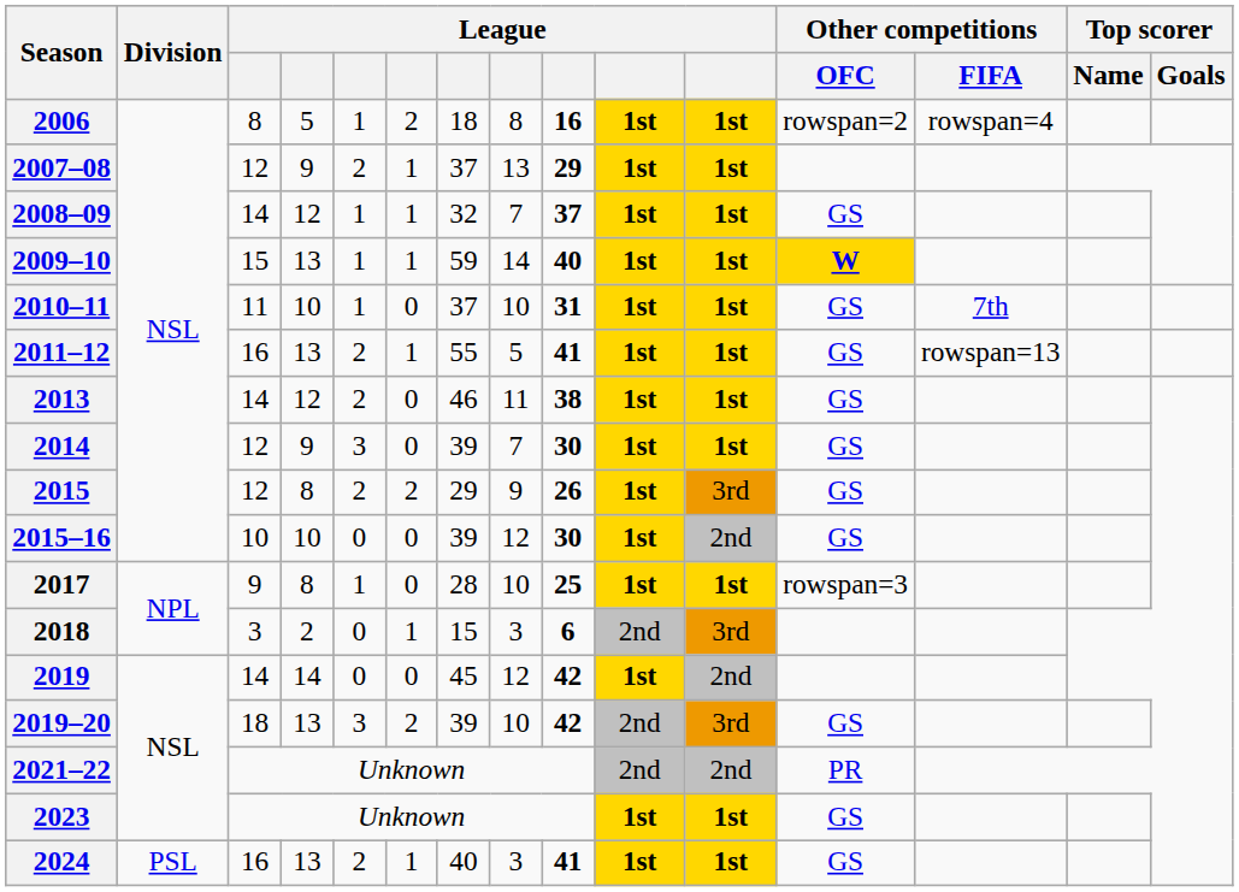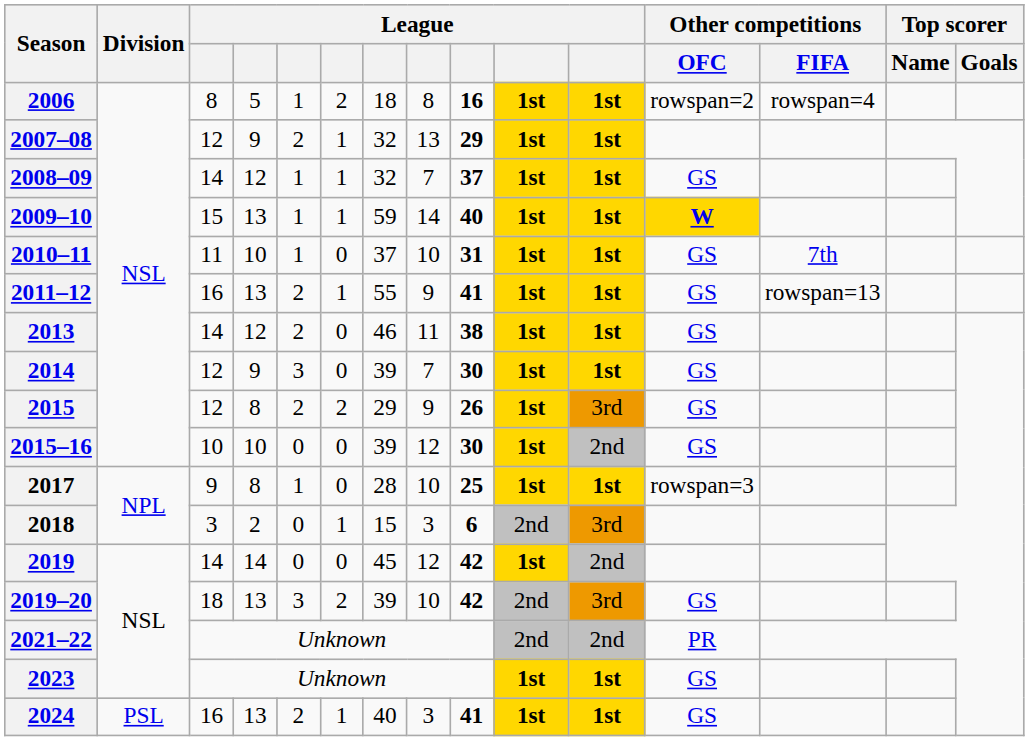 <table class="wikitable" style="font-size:90%; text-align:center;">
 <tr>
 <th rowspan=2>Season</th>
 <th rowspan=2>Division</th>
 <th colspan=9>League</th>
 <th colspan=2>Other competitions</th>
 <th colspan=2>Top scorer</th>
 </tr>
 <tr>
 <th width=20px></th>
 <th width=20px></th>
 <th width=20px></th>
 <th width=20px></th>
 <th width=20px></th>
 <th width=20px></th>
 <th width=20px></th>
 <th width=40px></th>
 <th width=40px></th>
 <th><a href='#'>OFC</a></th>
 <th><a href='#'>FIFA</a></th>
 <th>Name</th>
 <th>Goals</th>
 </tr>
 <tr>
 <th><a href='#'>2006</a></th>
 <td rowspan=10><a href='#'>NSL</a></td>
 <td>8</td>
 <td>5</td>
 <td>1</td>
 <td>2</td>
 <td>18</td>
 <td>8</td>
 <td><strong>16</strong></td>
 <td style="background:gold;"><strong>1st</strong></td>
 <td style="background:gold;"><strong>1st</strong></td>
 <td>rowspan=2 </td>
 <td>rowspan=4 </td>
 <td style=text-align:left></td>
 <td></td>
 </tr>
 <tr>
 <th><a href='#'>2007–08</a></th>
 <td>12</td>
 <td>9</td>
 <td>2</td>
 <td>1</td>
-<td>37</td>
+<td>32</td>
 <td>13</td>
 <td><strong>29</strong></td>
 <td style="background:gold;"><strong>1st</strong></td>
 <td style="background:gold;"><strong>1st</strong></td>
 <td style=text-align:left></td>
 <td></td>
 </tr>
 <tr>
 <th><a href='#'>2008–09</a></th>
 <td>14</td>
 <td>12</td>
 <td>1</td>
 <td>1</td>
 <td>32</td>
 <td>7</td>
 <td><strong>37</strong></td>
 <td style="background:gold;"><strong>1st</strong></td>
 <td style="background:gold;"><strong>1st</strong></td>
 <td><a href='#'>GS</a></td>
 <td style=text-align:left></td>
 <td></td>
 </tr>
 <tr>
 <th><a href='#'>2009–10</a></th>
 <td>15</td>
 <td>13</td>
 <td>1</td>
 <td>1</td>
 <td>59</td>
 <td>14</td>
 <td><strong>40</strong></td>
 <td style="background:gold;"><strong>1st</strong></td>
 <td style="background:gold;"><strong>1st</strong></td>
 <td style="background:gold;"><strong><a href='#'>W</a></strong></td>
 <td style=text-align:left></td>
 <td></td>
 </tr>
 <tr>
 <th><a href='#'>2010–11</a></th>
 <td>11</td>
 <td>10</td>
 <td>1</td>
 <td>0</td>
 <td>37</td>
 <td>10</td>
 <td><strong>31</strong></td>
 <td style="background:gold;"><strong>1st</strong></td>
 <td style="background:gold;"><strong>1st</strong></td>
 <td><a href='#'>GS</a></td>
 <td><a href='#'>7th</a></td>
 <td style=text-align:left></td>
 <td></td>
 </tr>
 <tr>
 <th><a href='#'>2011–12</a></th>
 <td>16</td>
 <td>13</td>
 <td>2</td>
 <td>1</td>
 <td>55</td>
-<td>5</td>
+<td>9</td>
 <td><strong>41</strong></td>
 <td style="background:gold;"><strong>1st</strong></td>
 <td style="background:gold;"><strong>1st</strong></td>
 <td><a href='#'>GS</a></td>
 <td>rowspan=13 </td>
 <td style=text-align:left></td>
 <td></td>
 </tr>
 <tr>
 <th><a href='#'>2013</a></th>
 <td>14</td>
 <td>12</td>
 <td>2</td>
 <td>0</td>
 <td>46</td>
 <td>11</td>
 <td><strong>38</strong></td>
 <td style="background:gold;"><strong>1st</strong></td>
 <td style="background:gold;"><strong>1st</strong></td>
 <td><a href='#'>GS</a></td>
 <td style=text-align:left></td>
 <td></td>
 </tr>
 <tr>
 <th><a href='#'>2014</a></th>
 <td>12</td>
 <td>9</td>
 <td>3</td>
 <td>0</td>
 <td>39</td>
 <td>7</td>
 <td><strong>30</strong></td>
 <td style="background:gold;"><strong>1st</strong></td>
 <td style="background:gold;"><strong>1st</strong></td>
 <td><a href='#'>GS</a></td>
 <td style=text-align:left></td>
 <td></td>
 </tr>
 <tr>
 <th><a href='#'>2015</a></th>
 <td>12</td>
 <td>8</td>
 <td>2</td>
 <td>2</td>
 <td>29</td>
 <td>9</td>
 <td><strong>26</strong></td>
 <td style="background:gold;"><strong>1st</strong></td>
 <td style="background:#e90;">3rd</td>
 <td><a href='#'>GS</a></td>
 <td style=text-align:left></td>
 <td></td>
 </tr>
 <tr>
 <th><a href='#'>2015–16</a></th>
 <td>10</td>
 <td>10</td>
 <td>0</td>
 <td>0</td>
 <td>39</td>
 <td>12</td>
 <td><strong>30</strong></td>
 <td style="background:gold;"><strong>1st</strong></td>
 <td style="background:silver;">2nd</td>
 <td><a href='#'>GS</a></td>
 <td style=text-align:left></td>
 <td></td>
 </tr>
 <tr>
 <th>2017</th>
 <td rowspan=2><a href='#'>NPL</a></td>
 <td>9</td>
 <td>8</td>
 <td>1</td>
 <td>0</td>
 <td>28</td>
 <td>10</td>
 <td><strong>25</strong></td>
 <td style="background:gold;"><strong>1st</strong></td>
 <td style="background:gold;"><strong>1st</strong></td>
 <td>rowspan=3 </td>
 <td style=text-align:left></td>
 <td></td>
 </tr>
 <tr>
 <th>2018</th>
 <td>3</td>
 <td>2</td>
 <td>0</td>
 <td>1</td>
 <td>15</td>
 <td>3</td>
 <td><strong>6</strong></td>
 <td style="background:silver;">2nd</td>
 <td style="background:#e90;">3rd</td>
 <td style=text-align:left></td>
 <td></td>
 </tr>
 <tr>
 <th><a href='#'>2019</a></th>
 <td rowspan=4>NSL</td>
 <td>14</td>
 <td>14</td>
 <td>0</td>
 <td>0</td>
 <td>45</td>
 <td>12</td>
 <td><strong>42</strong></td>
 <td style="background:gold;"><strong>1st</strong></td>
 <td style="background:silver;">2nd</td>
 <td style=text-align:left></td>
 <td></td>
 </tr>
 <tr>
 <th><a href='#'>2019–20</a></th>
 <td>18</td>
 <td>13</td>
 <td>3</td>
 <td>2</td>
 <td>39</td>
 <td>10</td>
 <td><strong>42</strong></td>
 <td style="background:silver;">2nd</td>
 <td style="background:#e90;">3rd</td>
 <td><a href='#'>GS</a></td>
 <td style=text-align:left></td>
 <td></td>
 </tr>
 <tr>
 <th><a href='#'>2021–22</a></th>
 <td colspan=7><em>Unknown</em></td>
 <td style="background:silver;">2nd</td>
 <td style="background:silver;">2nd</td>
 <td><a href='#'>PR</a></td>
 </tr>
 <tr>
 <th><a href='#'>2023</a></th>
 <td colspan=7><em>Unknown</em></td>
 <td style="background:gold;"><strong>1st</strong></td>
 <td style="background:gold;"><strong>1st</strong></td>
 <td><a href='#'>GS</a></td>
 <td style=text-align:left></td>
 <td></td>
 </tr>
 <tr>
 <th><a href='#'>2024</a></th>
 <td><a href='#'>PSL</a></td>
 <td>16</td>
 <td>13</td>
 <td>2</td>
 <td>1</td>
 <td>40</td>
 <td>3</td>
 <td><strong>41</strong></td>
 <td style="background:gold;"><strong>1st</strong></td>
 <td style="background:gold;"><strong>1st</strong></td>
 <td><a href='#'>GS</a></td>
 <td style=text-align:left></td>
 <td></td>
 </tr>
 </table>
